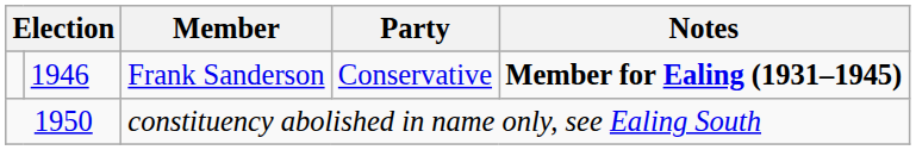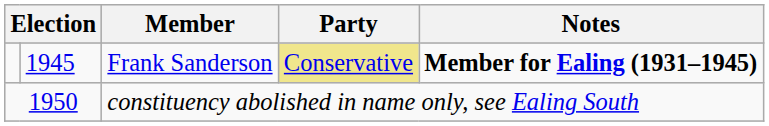 <table class="wikitable">
 <tr>
 <th colspan="2">Election</th>
 <th>Member</th>
 <th>Party</th>
 <th>Notes</th>
 </tr>
 <tr>
 <td style="color:inherit;background-color: "></td>
-<td><a href='#'>1946</a></td>
+<td><a href='#'>1945</a></td>
 <td><a href='#'>Frank Sanderson</a></td>
-<td><a href='#'>Conservative</a></td>
+<td style="background: khaki;"><a href='#'>Conservative</a></td>
 <td><strong>Member for <a href='#'>Ealing</a> (1931–1945)</strong></td>
 </tr>
 <tr>
 <td colspan="2" align="center"><a href='#'>1950</a></td>
 <td colspan="3"><em>constituency abolished in name only, see <a href='#'>Ealing South</a></em></td>
 </tr>
 </table>
